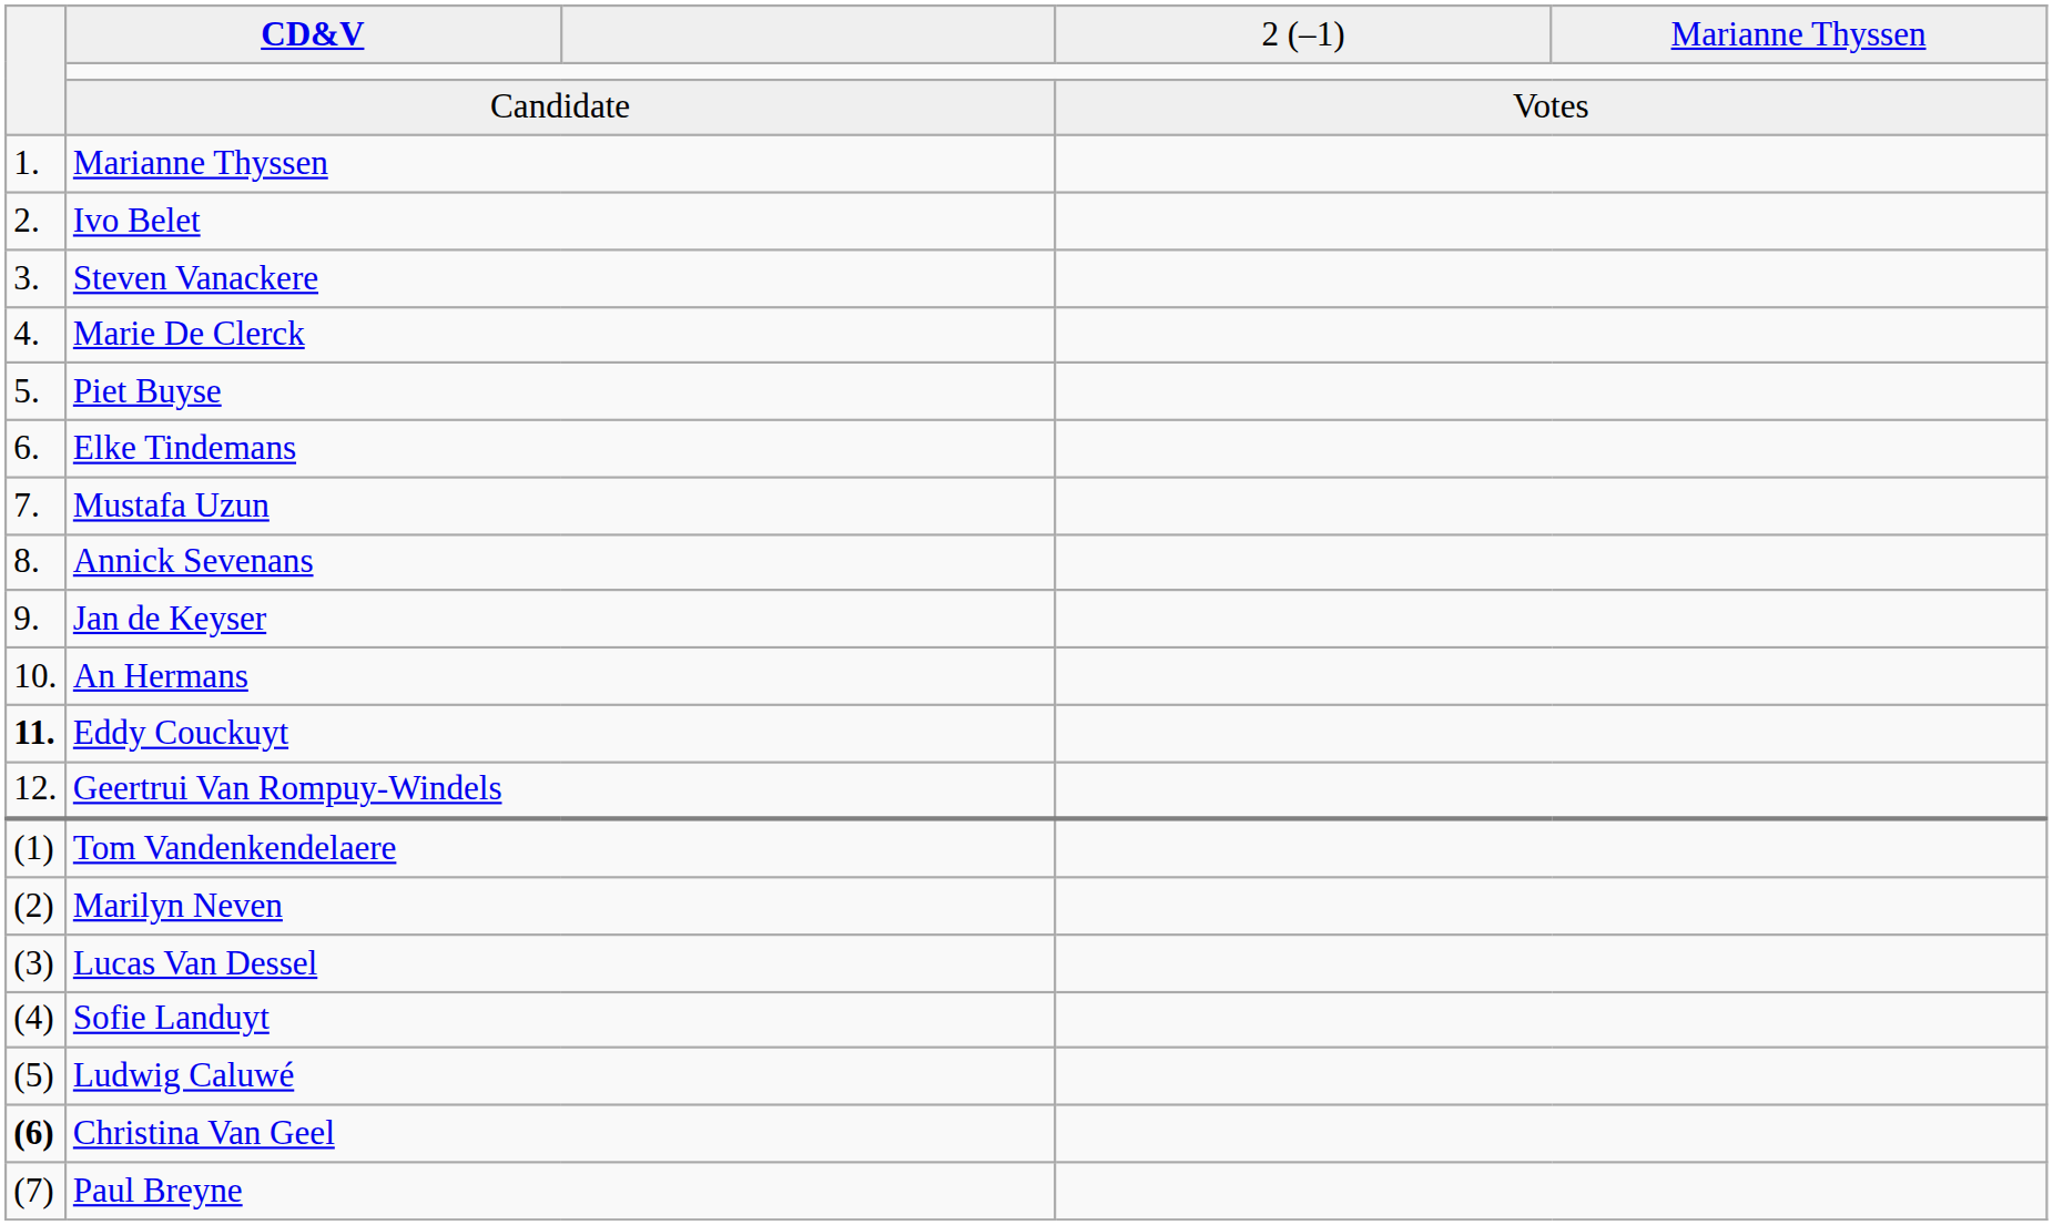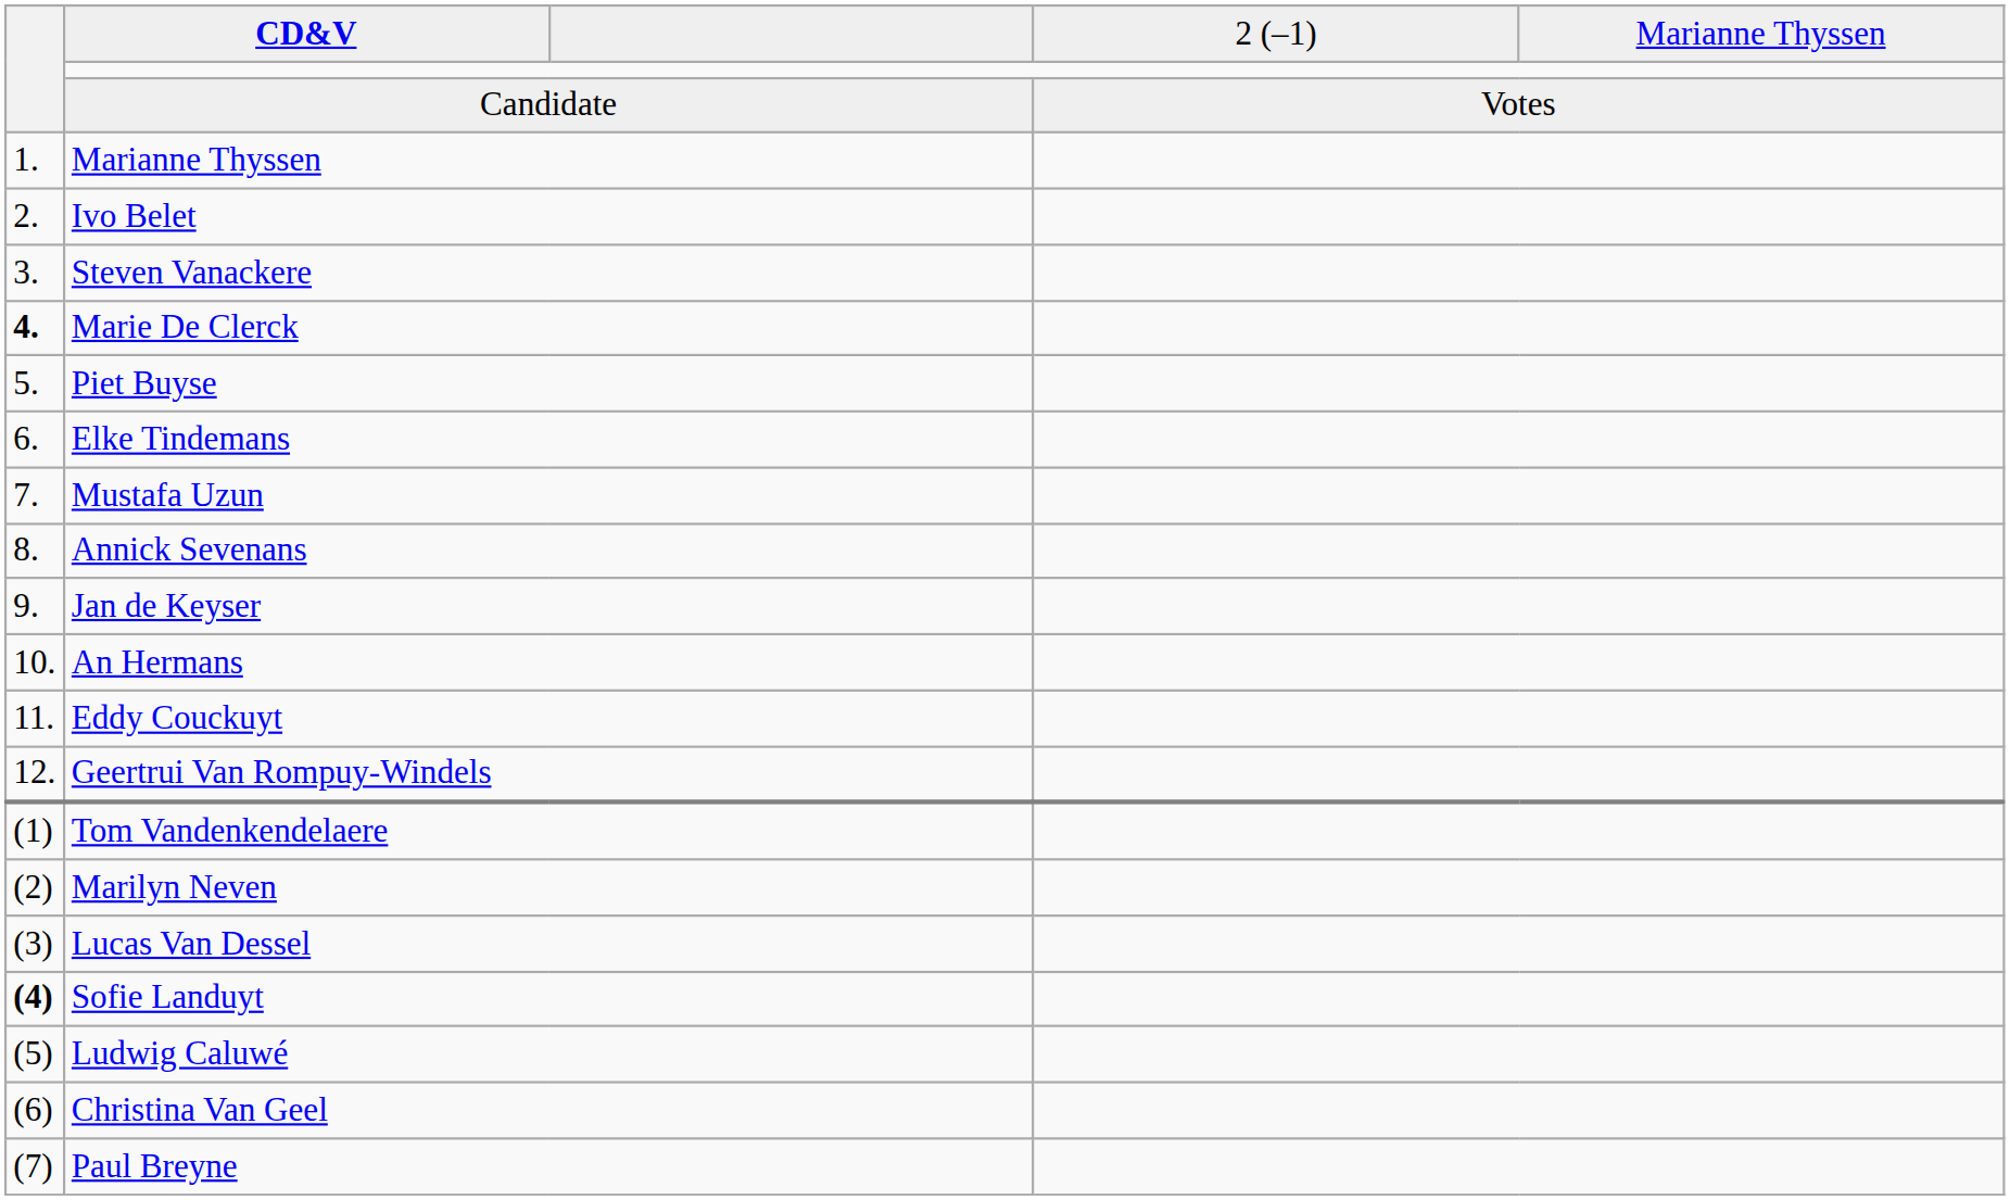 <table class="wikitable collapsible collapsed" style=text-align:left;font-size:90%>
 <tr>
 <th rowspan=3></th>
 <td bgcolor=efefef width=200 align=center><strong> <a href='#'>CD&V</a> </strong></td>
 <td bgcolor=efefef width=200 align=center></td>
 <td bgcolor=efefef width=200 align=center>2 (–1)</td>
 <td bgcolor=efefef width=200 align=center><a href='#'>Marianne Thyssen</a></td>
 </tr>
 <tr>
 <td colspan=4 bgcolor=></td>
 </tr>
 <tr>
 <td bgcolor=efefef align=center colspan=2>Candidate</td>
 <td bgcolor=efefef align=center colspan=2>Votes</td>
 </tr>
 <tr>
 <td>1.</td>
 <td colspan=2><a href='#'>Marianne Thyssen</a></td>
 <td colspan=2></td>
 </tr>
 <tr>
 <td>2.</td>
 <td colspan=2><a href='#'>Ivo Belet</a></td>
 <td colspan=2></td>
 </tr>
 <tr>
 <td>3.</td>
 <td colspan=2><a href='#'>Steven Vanackere</a></td>
 <td colspan=2></td>
 </tr>
 <tr>
-<td>4.</td>
+<td><strong>4.</strong></td>
 <td colspan=2><a href='#'>Marie De Clerck</a></td>
 <td colspan=2></td>
 </tr>
 <tr>
 <td>5.</td>
 <td colspan=2><a href='#'>Piet Buyse</a></td>
 <td colspan=2></td>
 </tr>
 <tr>
 <td>6.</td>
 <td colspan=2><a href='#'>Elke Tindemans</a></td>
 <td colspan=2></td>
 </tr>
 <tr>
 <td>7.</td>
 <td colspan=2><a href='#'>Mustafa Uzun</a></td>
 <td colspan=2></td>
 </tr>
 <tr>
 <td>8.</td>
 <td colspan=2><a href='#'>Annick Sevenans</a></td>
 <td colspan=2></td>
 </tr>
 <tr>
 <td>9.</td>
 <td colspan=2><a href='#'>Jan de Keyser</a></td>
 <td colspan=2></td>
 </tr>
 <tr>
 <td>10.</td>
 <td colspan=2><a href='#'>An Hermans</a></td>
 <td colspan=2></td>
 </tr>
 <tr>
-<td><strong>11.</strong></td>
+<td>11.</td>
 <td colspan=2><a href='#'>Eddy Couckuyt</a></td>
 <td colspan=2></td>
 </tr>
 <tr>
 <td>12.</td>
 <td colspan=2><a href='#'>Geertrui Van Rompuy-Windels</a></td>
 <td colspan=2></td>
 </tr>
 <tr style="border-top:2px solid gray;">
 <td>(1)</td>
 <td colspan=2><a href='#'>Tom Vandenkendelaere</a></td>
 <td colspan=2></td>
 </tr>
 <tr>
 <td>(2)</td>
 <td colspan=2><a href='#'>Marilyn Neven</a></td>
 <td colspan=2></td>
 </tr>
 <tr>
 <td>(3)</td>
 <td colspan=2><a href='#'>Lucas Van Dessel</a></td>
 <td colspan=2></td>
 </tr>
 <tr>
-<td>(4)</td>
+<td><strong>(4)</strong></td>
 <td colspan=2><a href='#'>Sofie Landuyt</a></td>
 <td colspan=2></td>
 </tr>
 <tr>
 <td>(5)</td>
 <td colspan=2><a href='#'>Ludwig Caluwé</a></td>
 <td colspan=2></td>
 </tr>
 <tr>
-<td><strong>(6)</strong></td>
+<td>(6)</td>
 <td colspan=2><a href='#'>Christina Van Geel</a></td>
 <td colspan=2></td>
 </tr>
 <tr>
 <td>(7)</td>
 <td colspan=2><a href='#'>Paul Breyne</a></td>
 <td colspan=2></td>
 </tr>
 </table>
